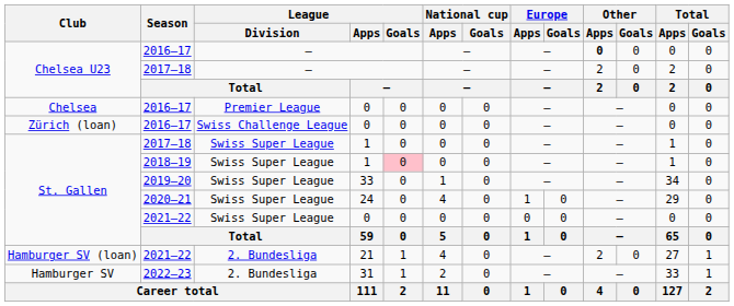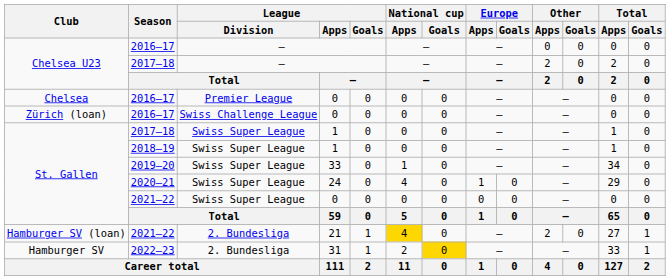 <table class="wikitable" style="text-align: center">
 <tr>
 <th rowspan="2">Club</th>
 <th rowspan="2">Season</th>
 <th colspan="3">League</th>
 <th colspan="2">National cup</th>
 <th colspan="2"><a href='#'>Europe</a></th>
 <th colspan="2">Other</th>
 <th colspan="2">Total</th>
 </tr>
 <tr>
 <th>Division</th>
 <th>Apps</th>
 <th>Goals</th>
 <th>Apps</th>
 <th>Goals</th>
 <th>Apps</th>
 <th>Goals</th>
 <th>Apps</th>
 <th>Goals</th>
 <th>Apps</th>
 <th>Goals</th>
 </tr>
 <tr>
 <td rowspan="3"><a href='#'>Chelsea U23</a></td>
 <td><a href='#'>2016–17</a></td>
 <td colspan="3">—</td>
 <td colspan="2">—</td>
 <td colspan="2">—</td>
-<td><strong>0</strong></td>
+<td>0</td>
 <td>0</td>
 <td>0</td>
 <td>0</td>
 </tr>
 <tr>
 <td><a href='#'>2017–18</a></td>
 <td colspan="3">—</td>
 <td colspan="2">—</td>
 <td colspan="2">—</td>
 <td>2</td>
 <td>0</td>
 <td>2</td>
 <td>0</td>
 </tr>
 <tr>
 <th colspan="2">Total</th>
 <th colspan="2">—</th>
 <th colspan="2">—</th>
 <th colspan="2">—</th>
 <th>2</th>
 <th>0</th>
 <th>2</th>
 <th>0</th>
 </tr>
 <tr>
 <td><a href='#'>Chelsea</a></td>
 <td><a href='#'>2016–17</a></td>
 <td><a href='#'>Premier League</a></td>
 <td>0</td>
 <td>0</td>
 <td>0</td>
 <td>0</td>
 <td colspan="2">—</td>
 <td colspan="2">—</td>
 <td>0</td>
 <td>0</td>
 </tr>
 <tr>
 <td><a href='#'>Zürich</a> (loan)</td>
 <td><a href='#'>2016–17</a></td>
 <td><a href='#'>Swiss Challenge League</a></td>
 <td>0</td>
 <td>0</td>
 <td>0</td>
 <td>0</td>
 <td colspan="2">—</td>
 <td colspan="2">—</td>
 <td>0</td>
 <td>0</td>
 </tr>
 <tr>
 <td rowspan="6"><a href='#'>St. Gallen</a></td>
 <td><a href='#'>2017–18</a></td>
 <td><a href='#'>Swiss Super League</a></td>
 <td>1</td>
 <td>0</td>
 <td>0</td>
 <td>0</td>
 <td colspan="2">—</td>
 <td colspan="2">—</td>
 <td>1</td>
 <td>0</td>
 </tr>
 <tr>
 <td><a href='#'>2018–19</a></td>
 <td>Swiss Super League</td>
 <td>1</td>
-<td style="background: pink;">0</td>
+<td>0</td>
 <td>0</td>
 <td>0</td>
 <td colspan="2">—</td>
 <td colspan="2">—</td>
 <td>1</td>
 <td>0</td>
 </tr>
 <tr>
 <td><a href='#'>2019–20</a></td>
 <td>Swiss Super League</td>
 <td>33</td>
 <td>0</td>
 <td>1</td>
 <td>0</td>
 <td colspan="2">—</td>
 <td colspan="2">—</td>
 <td>34</td>
 <td>0</td>
 </tr>
 <tr>
 <td><a href='#'>2020–21</a></td>
 <td>Swiss Super League</td>
 <td>24</td>
 <td>0</td>
 <td>4</td>
 <td>0</td>
 <td>1</td>
 <td>0</td>
 <td colspan="2">—</td>
 <td>29</td>
 <td>0</td>
 </tr>
 <tr>
 <td><a href='#'>2021–22</a></td>
 <td>Swiss Super League</td>
 <td>0</td>
 <td>0</td>
 <td>0</td>
 <td>0</td>
 <td>0</td>
 <td>0</td>
 <td colspan="2">—</td>
 <td>0</td>
 <td>0</td>
 </tr>
 <tr>
 <th colspan="2">Total</th>
 <th>59</th>
 <th>0</th>
 <th>5</th>
 <th>0</th>
 <th>1</th>
 <th>0</th>
 <th colspan="2">—</th>
 <th>65</th>
 <th>0</th>
 </tr>
 <tr>
 <td><a href='#'>Hamburger SV</a> (loan)</td>
 <td><a href='#'>2021–22</a></td>
 <td><a href='#'>2. Bundesliga</a></td>
 <td>21</td>
 <td>1</td>
-<td>4</td>
+<td style="background: gold;">4</td>
 <td>0</td>
 <td colspan="2">—</td>
 <td>2</td>
 <td>0</td>
 <td>27</td>
 <td>1</td>
 </tr>
 <tr>
 <td>Hamburger SV</td>
 <td><a href='#'>2022–23</a></td>
 <td>2. Bundesliga</td>
 <td>31</td>
 <td>1</td>
 <td>2</td>
-<td>0</td>
+<td style="background: gold;">0</td>
 <td colspan="2">—</td>
 <td colspan="2">—</td>
 <td>33</td>
 <td>1</td>
 </tr>
 <tr>
 <th colspan="3">Career total</th>
 <th>111</th>
 <th>2</th>
 <th>11</th>
 <th>0</th>
 <th>1</th>
 <th>0</th>
 <th>4</th>
 <th>0</th>
 <th>127</th>
 <th>2</th>
 </tr>
 </table>
